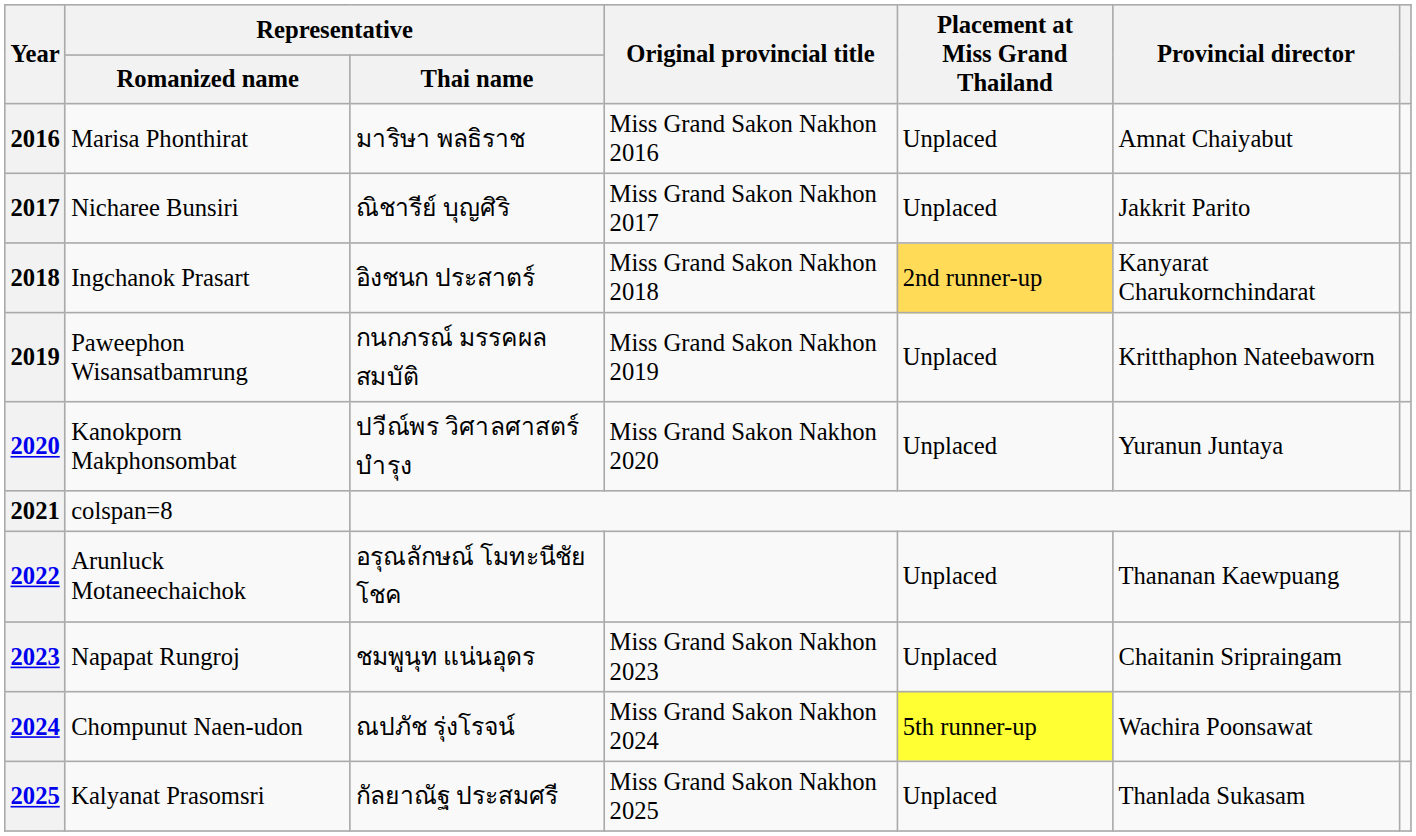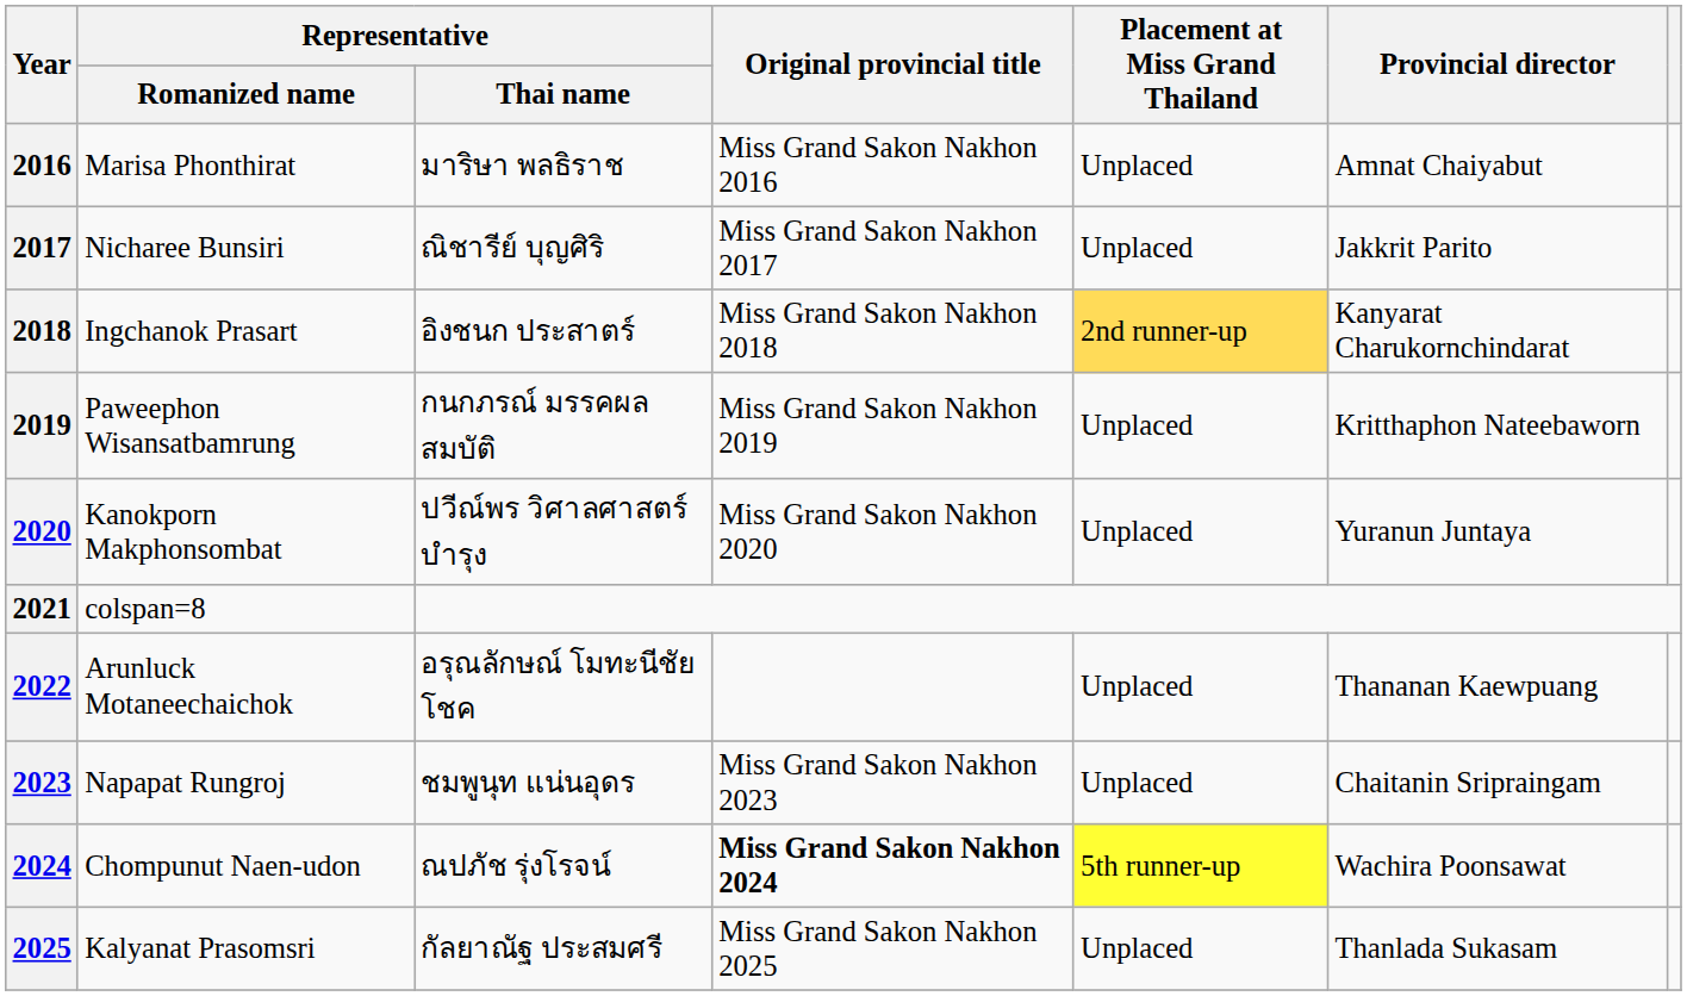 <table class="wikitable defaultcenter col2left col3left col6left" style="font-size:95%;">
 <tr>
 <th rowspan=2>Year</th>
 <th colspan=2>Representative</th>
 <th rowspan=2>Original provincial title</th>
 <th rowspan=2>Placement at<br>Miss Grand Thailand</th>
 <th rowspan=2>Provincial director</th>
 <th rowspan=2></th>
 </tr>
 <tr>
 <th>Romanized name</th>
 <th>Thai name</th>
 </tr>
 <tr>
 <th>2016</th>
 <td>Marisa Phonthirat</td>
 <td>มาริษา พลธิราช</td>
 <td>Miss Grand Sakon Nakhon 2016</td>
 <td>Unplaced</td>
 <td>Amnat Chaiyabut</td>
 <td></td>
 </tr>
 <tr>
 <th>2017</th>
 <td>Nicharee Bunsiri</td>
 <td>ณิชารีย์ บุญศิริ</td>
 <td>Miss Grand Sakon Nakhon 2017</td>
 <td>Unplaced</td>
 <td>Jakkrit Parito</td>
 <td></td>
 </tr>
 <tr>
 <th>2018</th>
 <td>Ingchanok Prasart</td>
 <td>อิงชนก ประสาตร์</td>
 <td>Miss Grand Sakon Nakhon 2018</td>
 <td bgcolor=#FFDB58>2nd runner-up</td>
 <td>Kanyarat Charukornchindarat</td>
 <td></td>
 </tr>
 <tr>
 <th>2019</th>
 <td>Paweephon Wisansatbamrung</td>
 <td>กนกภรณ์ มรรคผลสมบัติ</td>
 <td>Miss Grand Sakon Nakhon 2019</td>
 <td>Unplaced</td>
 <td>Kritthaphon Nateebaworn</td>
 <td></td>
 </tr>
 <tr>
 <th><a href='#'>2020</a></th>
 <td>Kanokporn Makphonsombat</td>
 <td>ปวีณ์พร วิศาลศาสตร์บำรุง</td>
 <td>Miss Grand Sakon Nakhon 2020</td>
 <td>Unplaced</td>
 <td>Yuranun Juntaya</td>
 <td></td>
 </tr>
 <tr>
 <th>2021</th>
 <td>colspan=8 </td>
 </tr>
 <tr>
 <th><a href='#'>2022</a></th>
 <td>Arunluck Motaneechaichok</td>
 <td>อรุณลักษณ์ โมทะนีชัยโชค</td>
 <td></td>
 <td>Unplaced</td>
 <td>Thananan Kaewpuang</td>
 <td></td>
 </tr>
 <tr>
 <th><a href='#'>2023</a></th>
 <td>Napapat Rungroj</td>
 <td>ชมพูนุท แน่นอุดร</td>
 <td>Miss Grand Sakon Nakhon 2023</td>
 <td>Unplaced</td>
 <td>Chaitanin Sripraingam</td>
 <td></td>
 </tr>
 <tr>
 <th><a href='#'>2024</a></th>
 <td>Chompunut Naen-udon</td>
 <td>ณปภัช รุ่งโรจน์</td>
-<td>Miss Grand Sakon Nakhon 2024</td>
+<td><strong>Miss Grand Sakon Nakhon 2024</strong></td>
 <td bgcolor=#FFFF33>5th runner-up</td>
 <td>Wachira Poonsawat</td>
 <td></td>
 </tr>
 <tr>
 <th><a href='#'>2025</a></th>
 <td>Kalyanat Prasomsri</td>
 <td>กัลยาณัฐ ประสมศรี</td>
 <td>Miss Grand Sakon Nakhon 2025</td>
 <td>Unplaced</td>
 <td>Thanlada Sukasam</td>
 <td></td>
 </tr>
 </table>
